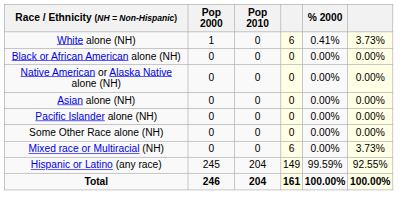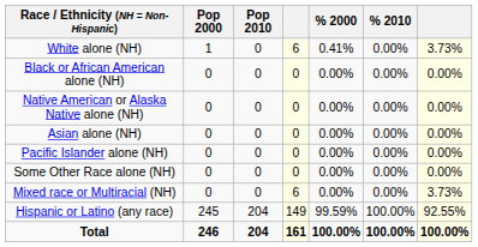 <table class="wikitable" style="text-align:center;">
 <tr>
 <th>Race / Ethnicity <small>(<em>NH = Non-Hispanic</em>)</small></th>
 <th>Pop 2000</th>
 <th>Pop 2010</th>
 <th></th>
 <th>% 2000</th>
+<th>% 2010</th>
 <th></th>
 </tr>
 <tr>
 <td><a href='#'>White</a> alone (NH)</td>
 <td>1</td>
 <td>0</td>
 <td style='background: #ffffe6;'>6</td>
 <td>0.41%</td>
+<td>0.00%</td>
 <td style='background: #ffffe6;'>3.73%</td>
 </tr>
 <tr>
 <td><a href='#'>Black or African American</a> alone (NH)</td>
 <td>0</td>
 <td>0</td>
 <td style='background: #ffffe6;'>0</td>
+<td>0.00%</td>
 <td>0.00%</td>
 <td style='background: #ffffe6;'>0.00%</td>
 </tr>
 <tr>
 <td><a href='#'>Native American</a> or <a href='#'>Alaska Native</a> alone (NH)</td>
 <td>0</td>
 <td>0</td>
 <td style='background: #ffffe6;'>0</td>
 <td>0.00%</td>
+<td>0.00%</td>
 <td style='background: #ffffe6;'>0.00%</td>
 </tr>
 <tr>
 <td><a href='#'>Asian</a> alone (NH)</td>
 <td>0</td>
 <td>0</td>
 <td style='background: #ffffe6;'>0</td>
+<td>0.00%</td>
 <td>0.00%</td>
 <td style='background: #ffffe6;'>0.00%</td>
 </tr>
 <tr>
 <td><a href='#'>Pacific Islander</a> alone (NH)</td>
 <td>0</td>
 <td>0</td>
 <td style='background: #ffffe6;'>0</td>
 <td>0.00%</td>
+<td>0.00%</td>
 <td style='background: #ffffe6;'>0.00%</td>
 </tr>
 <tr>
 <td>Some Other Race alone (NH)</td>
 <td>0</td>
 <td>0</td>
 <td style='background: #ffffe6;'>0</td>
+<td>0.00%</td>
 <td>0.00%</td>
 <td style='background: #ffffe6;'>0.00%</td>
 </tr>
 <tr>
 <td><a href='#'>Mixed race or Multiracial</a> (NH)</td>
 <td>0</td>
 <td>0</td>
 <td style='background: #ffffe6;'>6</td>
 <td>0.00%</td>
+<td>0.00%</td>
 <td style='background: #ffffe6;'>3.73%</td>
 </tr>
 <tr>
 <td><a href='#'>Hispanic or Latino</a> (any race)</td>
 <td>245</td>
 <td>204</td>
 <td style='background: #ffffe6;'>149</td>
 <td>99.59%</td>
+<td>100.00%</td>
 <td style='background: #ffffe6;'>92.55%</td>
 </tr>
 <tr>
 <td><strong>Total</strong></td>
 <td><strong>246</strong></td>
 <td><strong>204</strong></td>
 <td style='background: #ffffe6;'><strong>161</strong></td>
 <td><strong>100.00%</strong></td>
+<td><strong>100.00%</strong></td>
 <td style='background: #ffffe6;'><strong>100.00%</strong></td>
 </tr>
 </table>
